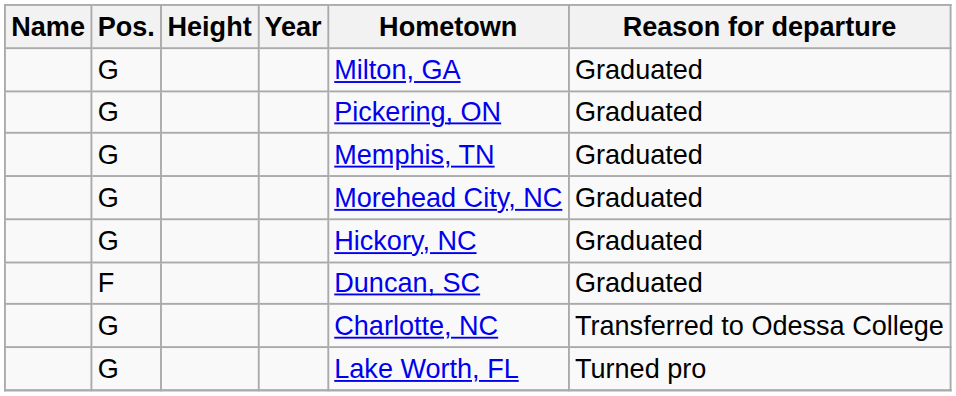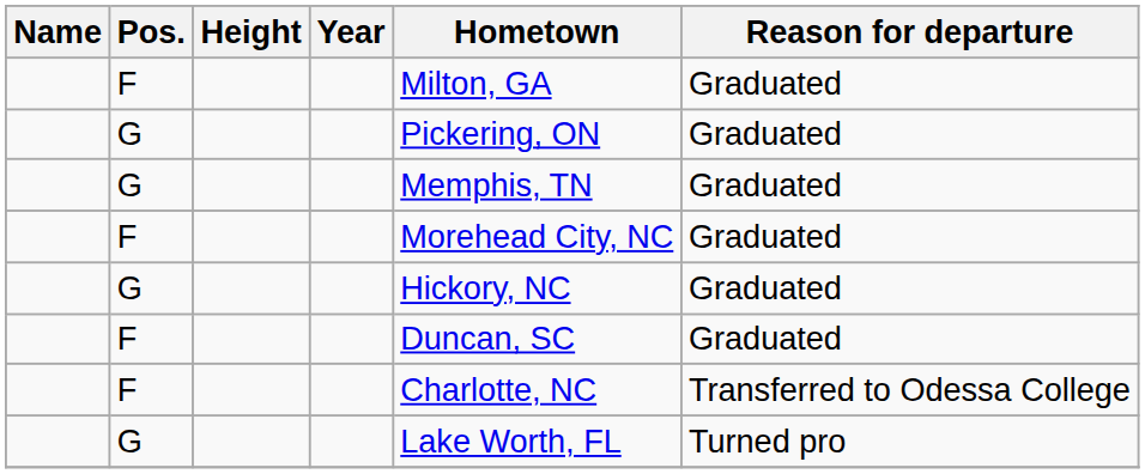 <table class="wikitable sortable" style="font-size:90%;" border="1">
 <tr>
 <th>Name</th>
 <th>Pos.</th>
 <th>Height</th>
 <th>Year</th>
 <th>Hometown</th>
 <th ! class="unsortable">Reason for departure</th>
 </tr>
 <tr>
 <td></td>
-<td>G</td>
+<td>F</td>
 <td></td>
 <td></td>
 <td><a href='#'>Milton, GA</a></td>
 <td>Graduated</td>
 </tr>
 <tr>
 <td></td>
 <td>G</td>
 <td></td>
 <td></td>
 <td><a href='#'>Pickering, ON</a></td>
 <td>Graduated</td>
 </tr>
 <tr>
 <td></td>
 <td>G</td>
 <td></td>
 <td></td>
 <td><a href='#'>Memphis, TN</a></td>
 <td>Graduated</td>
 </tr>
 <tr>
 <td></td>
-<td>G</td>
+<td>F</td>
 <td></td>
 <td></td>
 <td><a href='#'>Morehead City, NC</a></td>
 <td>Graduated</td>
 </tr>
 <tr>
 <td></td>
 <td>G</td>
 <td></td>
 <td></td>
 <td><a href='#'>Hickory, NC</a></td>
 <td>Graduated</td>
 </tr>
 <tr>
 <td></td>
 <td>F</td>
 <td></td>
 <td></td>
 <td><a href='#'>Duncan, SC</a></td>
 <td>Graduated</td>
 </tr>
 <tr>
 <td></td>
-<td>G</td>
+<td>F</td>
 <td></td>
 <td></td>
 <td><a href='#'>Charlotte, NC</a></td>
 <td>Transferred to Odessa College</td>
 </tr>
 <tr>
 <td></td>
 <td>G</td>
 <td></td>
 <td></td>
 <td><a href='#'>Lake Worth, FL</a></td>
 <td>Turned pro</td>
 </tr>
 <tr>
 </tr>
 </table>
